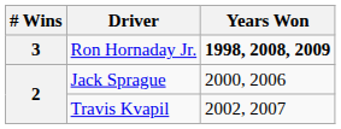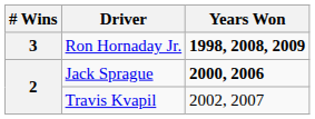 <table class="wikitable" style="font-size: 95%;">
 <tr>
 <th># Wins</th>
 <th>Driver</th>
 <th>Years Won</th>
 </tr>
 <tr>
 <th>3</th>
 <td><a href='#'>Ron Hornaday Jr.</a></td>
 <td><strong>1998, 2008, 2009</strong></td>
 </tr>
 <tr>
 <th rowspan="2">2</th>
 <td><a href='#'>Jack Sprague</a></td>
-<td>2000, 2006</td>
+<td><strong>2000, 2006</strong></td>
 </tr>
 <tr>
 <td><a href='#'>Travis Kvapil</a></td>
 <td>2002, 2007</td>
 </tr>
 </table>
